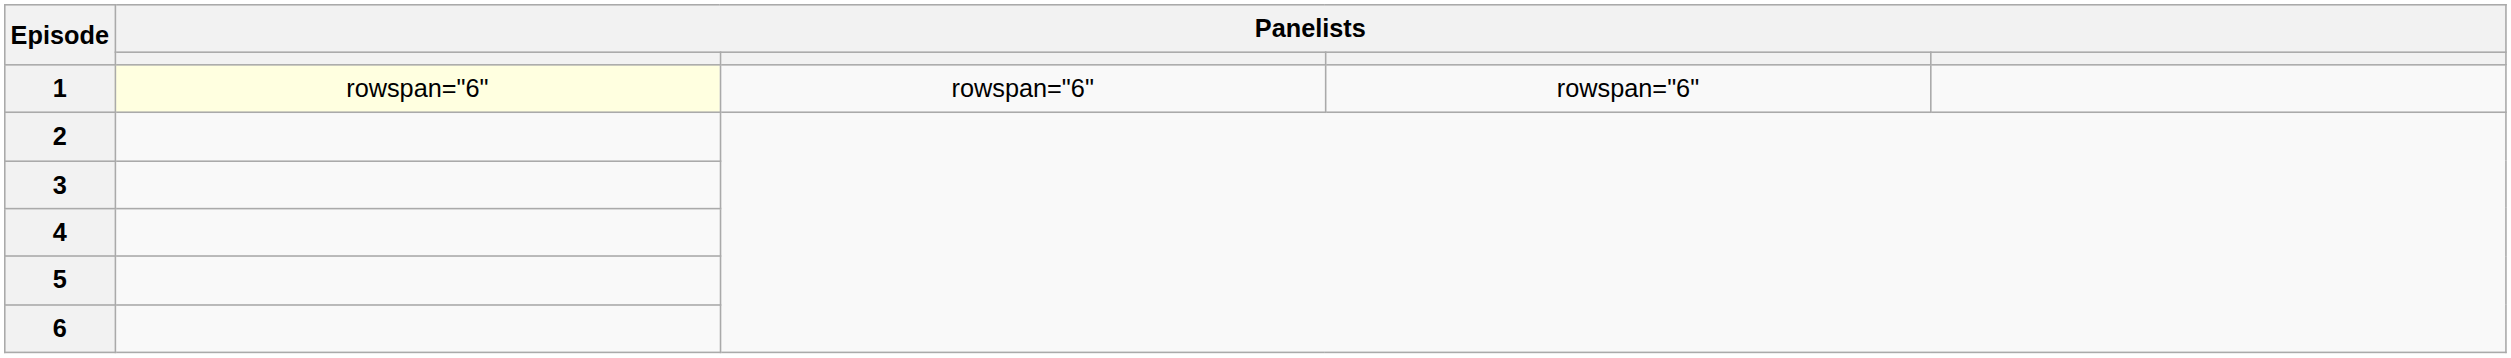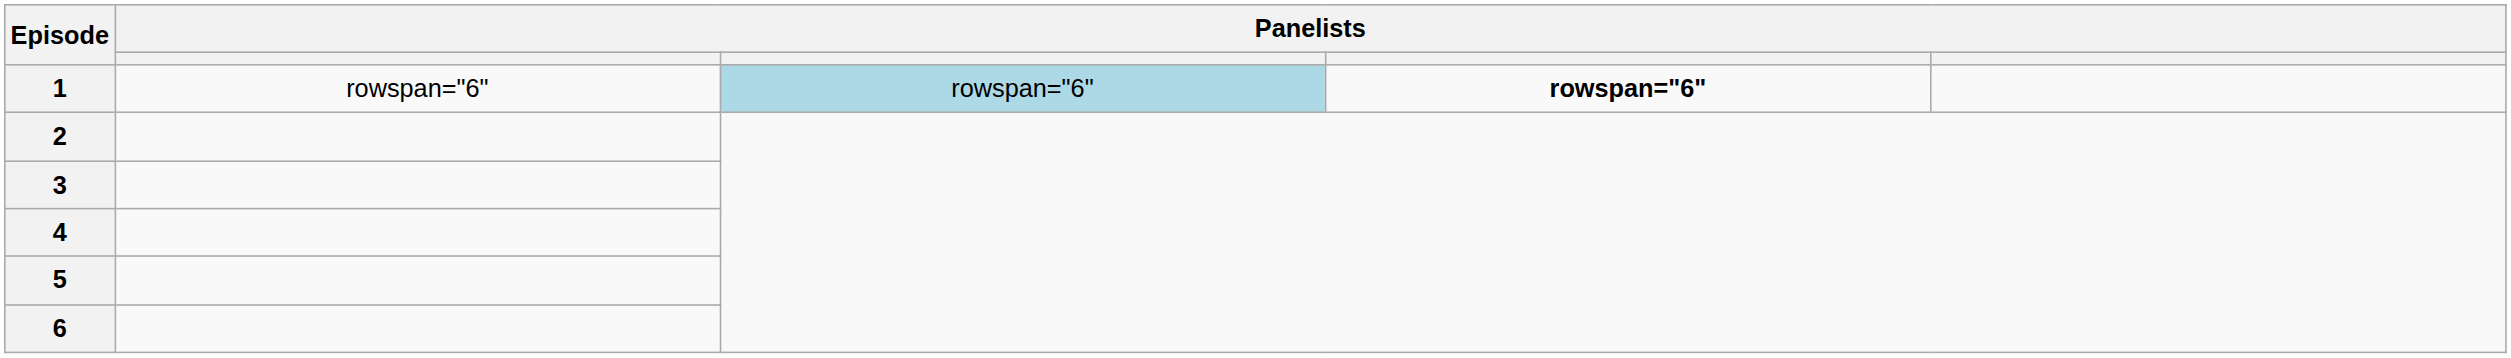 <table class="wikitable plainrowheaders mw-collapsible" style="text-align:center; line-height:23px; width:100%;">
 <tr>
 <th rowspan=2 width=1%>Episode</th>
 <th colspan=4>Panelists</th>
 </tr>
 <tr>
 <th width="25%"></th>
 <th width="25%"></th>
 <th width="25%"></th>
 <th width="25%"></th>
 </tr>
 <tr>
 <th>1</th>
-<td style="background: lightyellow;">rowspan="6" </td>
 <td>rowspan="6" </td>
-<td>rowspan="6" </td>
+<td style="background: lightblue;">rowspan="6" </td>
+<td><strong>rowspan="6" </strong></td>
 <td></td>
 </tr>
 <tr>
 <th>2</th>
 <td></td>
 </tr>
 <tr>
 <th>3</th>
 <td></td>
 </tr>
 <tr>
 <th>4</th>
 <td></td>
 </tr>
 <tr>
 <th>5</th>
 <td></td>
 </tr>
 <tr>
 <th>6</th>
 <td></td>
 </tr>
 </table>
